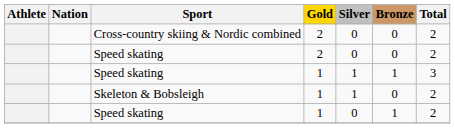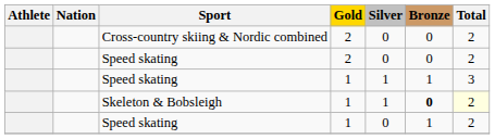 <table class="wikitable sortable plainrowheaders" style="text-align:center">
 <tr>
 <th scope="col">Athlete</th>
 <th scope="col">Nation</th>
 <th scope="col">Sport</th>
 <th scope="col" style="background-color: gold"><strong>Gold</strong></th>
 <th scope="col" style="background-color: silver"><strong>Silver</strong></th>
 <th scope="col" style="background-color: #cc9966"><strong>Bronze</strong></th>
 <th scope="col">Total</th>
 </tr>
 <tr>
 <th scope="row"></th>
 <td align=left></td>
 <td align=left>Cross-country skiing & Nordic combined</td>
 <td>2</td>
 <td>0</td>
 <td>0</td>
 <td>2</td>
 </tr>
 <tr>
 <th scope="row"></th>
 <td align=left></td>
 <td align=left>Speed skating</td>
 <td>2</td>
 <td>0</td>
 <td>0</td>
 <td>2</td>
 </tr>
 <tr>
 <th scope="row"></th>
 <td align=left></td>
 <td align=left>Speed skating</td>
 <td>1</td>
 <td>1</td>
 <td>1</td>
 <td>3</td>
 </tr>
 <tr>
 <th scope="row"></th>
 <td align=left></td>
 <td align=left>Skeleton & Bobsleigh</td>
 <td>1</td>
 <td>1</td>
-<td>0</td>
-<td>2</td>
+<td><strong>0</strong></td>
+<td style="background: lightyellow;">2</td>
 </tr>
 <tr>
 <th scope="row"></th>
 <td align=left></td>
 <td align=left>Speed skating</td>
 <td>1</td>
 <td>0</td>
 <td>1</td>
 <td>2</td>
 </tr>
 <tr>
 </tr>
 </table>
